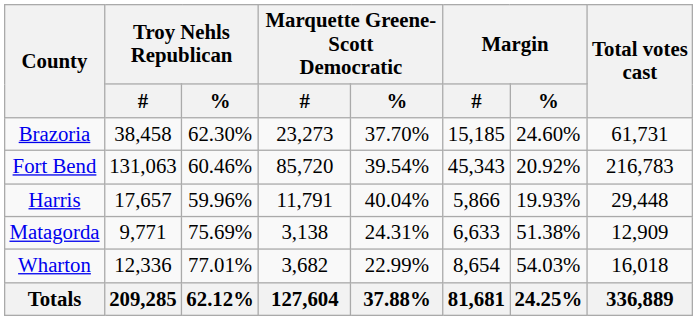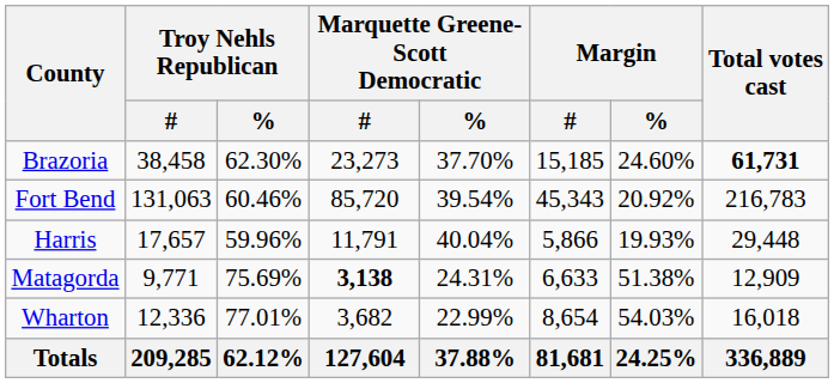 <table width="60%"  class="wikitable sortable" style="text-align:center">
 <tr>
 <th rowspan="2">County</th>
 <th style="text-align:center;" colspan="2">Troy Nehls<br>Republican</th>
 <th style="text-align:center;" colspan="2">Marquette Greene-Scott<br>Democratic</th>
 <th style="text-align:center;" colspan="2">Margin</th>
 <th rowspan="2" style="text-align:center;">Total votes cast</th>
 </tr>
 <tr>
 <th style="text-align:center;" data-sort-type="number">#</th>
 <th style="text-align:center;" data-sort-type="number">%</th>
 <th style="text-align:center;" data-sort-type="number">#</th>
 <th style="text-align:center;" data-sort-type="number">%</th>
 <th style="text-align:center;" data-sort-type="number">#</th>
 <th style="text-align:center;" data-sort-type="number">%</th>
 </tr>
 <tr style="text-align:center;">
 <td style="background-color:"><a href='#'>Brazoria</a></td>
 <td style="background-color:">38,458</td>
 <td style="background-color:">62.30%</td>
 <td style="color:black;background-color:">23,273</td>
 <td style="color:black;background-color:">37.70%</td>
 <td style="background-color:">15,185</td>
 <td style="background-color:">24.60%</td>
-<td style="background-color:">61,731</td>
+<td style="background-color:"><strong>61,731</strong></td>
 </tr>
 <tr style="text-align:center;">
 <td style="background-color:"><a href='#'>Fort Bend</a></td>
 <td style="background-color:">131,063</td>
 <td style="background-color:">60.46%</td>
 <td style="color:black;background-color:">85,720</td>
 <td style="color:black;background-color:">39.54%</td>
 <td style="background-color:">45,343</td>
 <td style="background-color:">20.92%</td>
 <td style="background-color:">216,783</td>
 </tr>
 <tr style="text-align:center;">
 <td style="background-color:"><a href='#'>Harris</a></td>
 <td style="background-color:">17,657</td>
 <td style="background-color:">59.96%</td>
 <td style="color:black;background-color:">11,791</td>
 <td style="color:black;background-color:">40.04%</td>
 <td style="background-color:">5,866</td>
 <td style="background-color:">19.93%</td>
 <td style="background-color:">29,448</td>
 </tr>
 <tr style="text-align:center;">
 <td style="background-color:"><a href='#'>Matagorda</a></td>
 <td style="background-color:">9,771</td>
 <td style="background-color:">75.69%</td>
-<td style="color:black;background-color:">3,138</td>
+<td style="color:black;background-color:"><strong>3,138</strong></td>
 <td style="color:black;background-color:">24.31%</td>
 <td style="background-color:">6,633</td>
 <td style="background-color:">51.38%</td>
 <td style="background-color:">12,909</td>
 </tr>
 <tr style="text-align:center;">
 <td style="background-color:"><a href='#'>Wharton</a></td>
 <td style="background-color:">12,336</td>
 <td style="background-color:">77.01%</td>
 <td style="color:black;background-color:">3,682</td>
 <td style="color:black;background-color:">22.99%</td>
 <td style="background-color:">8,654</td>
 <td style="background-color:">54.03%</td>
 <td style="background-color:">16,018</td>
 </tr>
 <tr style="text-align:center;">
 <th>Totals</th>
 <th>209,285</th>
 <th>62.12%</th>
 <th>127,604</th>
 <th>37.88%</th>
 <th>81,681</th>
 <th>24.25%</th>
 <th>336,889</th>
 </tr>
 </table>
